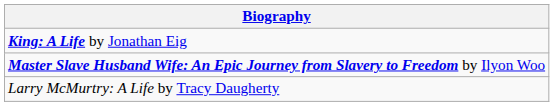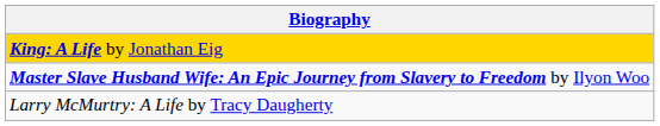 <table class="wikitable" style="float:left; float:none;">
 <tr>
 <th><a href='#'>Biography</a></th>
 </tr>
 <tr>
-<td><strong><em><a href='#'>King: A Life</a></em></strong> by <a href='#'>Jonathan Eig</a></td>
+<td style="background: gold;"><strong><em><a href='#'>King: A Life</a></em></strong> by <a href='#'>Jonathan Eig</a></td>
 </tr>
 <tr>
 <td><strong><em><a href='#'>Master Slave Husband Wife: An Epic Journey from Slavery to Freedom</a></em></strong> by <a href='#'>Ilyon Woo</a></td>
 </tr>
 <tr>
 <td><em>Larry McMurtry: A Life</em> by <a href='#'>Tracy Daugherty</a></td>
 </tr>
 </table>
